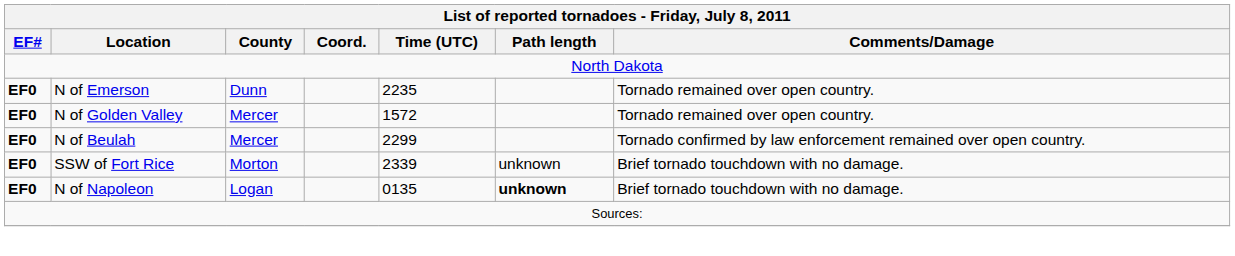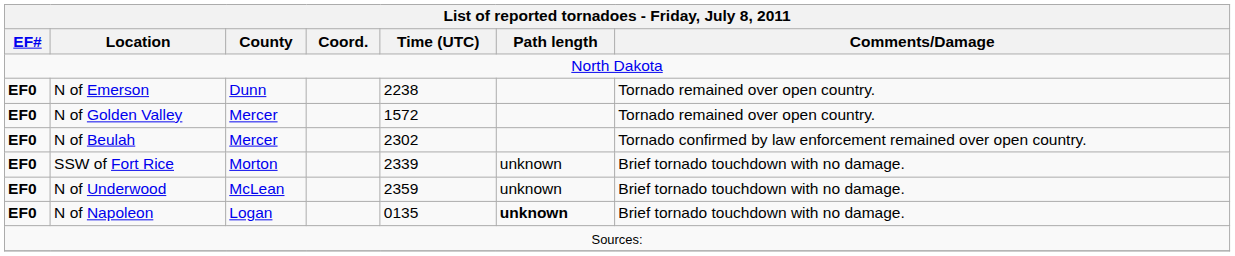 <table class="wikitable collapsible" width="100%">
 <tr>
 <th colspan="7">List of reported tornadoes - Friday, July 8, 2011</th>
 </tr>
 <tr>
 <th><a href='#'>EF#</a></th>
 <th>Location</th>
 <th>County</th>
 <th>Coord.</th>
 <th>Time (UTC)</th>
 <th>Path length</th>
 <th>Comments/Damage</th>
 </tr>
 <tr>
 <td colspan="7" align=center><a href='#'>North Dakota</a></td>
 </tr>
 <tr>
 <td><strong>EF0</strong></td>
 <td>N of <a href='#'>Emerson</a></td>
 <td><a href='#'>Dunn</a></td>
 <td></td>
-<td>2235</td>
+<td>2238</td>
 <td></td>
 <td>Tornado remained over open country.</td>
 </tr>
 <tr>
 <td><strong>EF0</strong></td>
 <td>N of <a href='#'>Golden Valley</a></td>
 <td><a href='#'>Mercer</a></td>
 <td></td>
 <td>1572</td>
 <td></td>
 <td>Tornado remained over open country.</td>
 </tr>
 <tr>
 <td><strong>EF0</strong></td>
 <td>N of <a href='#'>Beulah</a></td>
 <td><a href='#'>Mercer</a></td>
 <td></td>
-<td>2299</td>
+<td>2302</td>
 <td></td>
 <td>Tornado confirmed by law enforcement remained over open country.</td>
 </tr>
 <tr>
 <td><strong>EF0</strong></td>
 <td>SSW of <a href='#'>Fort Rice</a></td>
 <td><a href='#'>Morton</a></td>
 <td></td>
 <td>2339</td>
+<td>unknown</td>
+<td>Brief tornado touchdown with no damage.</td>
+</tr>
+<tr>
+<td><strong>EF0</strong></td>
+<td>N of <a href='#'>Underwood</a></td>
+<td><a href='#'>McLean</a></td>
+<td></td>
+<td>2359</td>
 <td>unknown</td>
 <td>Brief tornado touchdown with no damage.</td>
 </tr>
 <tr>
 <td><strong>EF0</strong></td>
 <td>N of <a href='#'>Napoleon</a></td>
 <td><a href='#'>Logan</a></td>
 <td></td>
 <td>0135</td>
 <td><strong>unknown</strong></td>
 <td>Brief tornado touchdown with no damage.</td>
 </tr>
 <tr>
 <td colspan="7" align=center><small>Sources: </small></td>
 </tr>
 <tr>
 </tr>
 </table>
